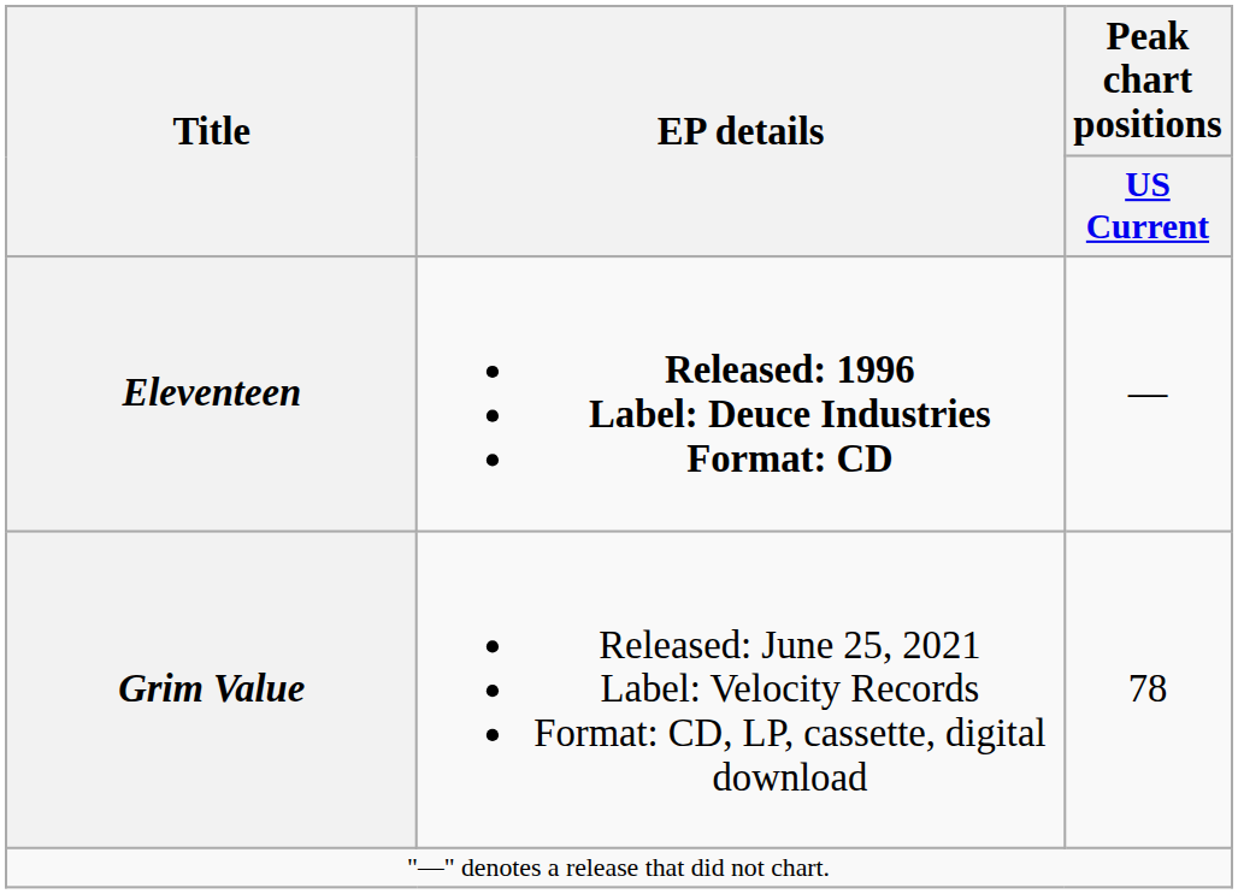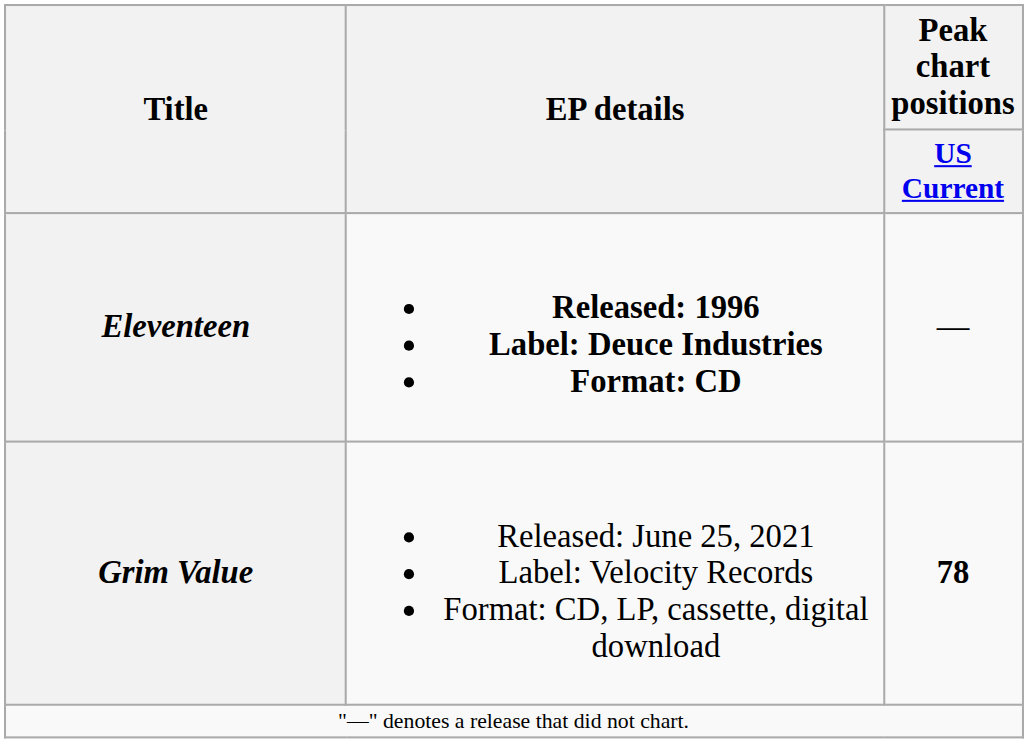 <table class="wikitable plainrowheaders" style="text-align:center;">
 <tr>
 <th scope="col" rowspan="2" style="width:10em;">Title</th>
 <th scope="col" rowspan="2" style="width:16em;">EP details</th>
 <th scope="col" colspan="1">Peak chart positions</th>
 </tr>
 <tr>
 <th scope="col" style="width:3em;font-size:90%;"><a href='#'>US<br>Current</a><br></th>
 </tr>
 <tr>
 <th scope="row"><em>Eleventeen</em></th>
 <td><strong><br><ul><li>Released: 1996</li><li>Label: Deuce Industries</li><li>Format: CD</li></ul></strong></td>
 <td>—</td>
 </tr>
 <tr>
 <th scope="row"><em>Grim Value</em></th>
 <td><br><ul><li>Released: June 25, 2021</li><li>Label: Velocity Records</li><li>Format: CD, LP, cassette, digital download</li></ul></td>
-<td>78</td>
+<td><strong>78</strong></td>
 </tr>
 <tr>
 <td colspan="12" style="text-align:center; font-size:8pt;">"—" denotes a release that did not chart.</td>
 </tr>
 </table>
